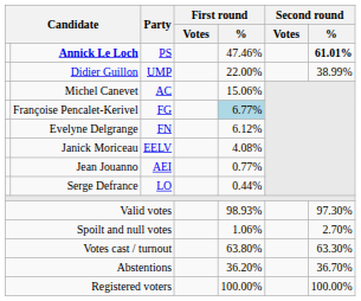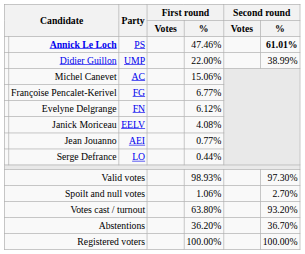 <table class="wikitable" style="text-align:right;font-size:95%;">
 <tr>
 <th rowspan=2 colspan=2>Candidate</th>
 <th rowspan=2 colspan=1>Party</th>
 <th colspan=2>First round</th>
 <th colspan=2>Second round</th>
 </tr>
 <tr>
 <th style="width:50px;">Votes</th>
 <th style="width:55px;">%</th>
 <th style="width:50px;">Votes</th>
 <th style="width:55px;">%</th>
 </tr>
 <tr>
 <td style="color:inherit;background-color:"></td>
 <td><strong><a href='#'>Annick Le Loch</a></strong></td>
 <td><a href='#'>PS</a></td>
 <td></td>
 <td>47.46%</td>
 <td><strong></strong></td>
 <td><strong>61.01%</strong></td>
 </tr>
 <tr>
 <td style="color:inherit;background-color:"></td>
 <td><a href='#'>Didier Guillon</a></td>
 <td><a href='#'>UMP</a></td>
 <td></td>
 <td>22.00%</td>
 <td></td>
 <td>38.99%</td>
 </tr>
 <tr>
 <td style="color:inherit;background-color:"></td>
 <td>Michel Canevet</td>
 <td><a href='#'>AC</a></td>
 <td></td>
 <td>15.06%</td>
 <td colspan=7 rowspan=6 style="background-color:#E9E9E9;"></td>
 </tr>
 <tr>
 <td style="color:inherit;background-color:"></td>
 <td>Françoise Pencalet-Kerivel</td>
 <td><a href='#'>FG</a></td>
 <td></td>
-<td style="background: lightblue;">6.77%</td>
+<td>6.77%</td>
 </tr>
 <tr>
 <td style="color:inherit;background-color:"></td>
 <td>Evelyne Delgrange</td>
 <td><a href='#'>FN</a></td>
 <td></td>
 <td>6.12%</td>
 </tr>
 <tr>
 <td style="color:inherit;background-color:"></td>
 <td>Janick Moriceau</td>
 <td><a href='#'>EELV</a></td>
 <td></td>
 <td>4.08%</td>
 </tr>
 <tr>
 <td style="color:inherit;background-color:"></td>
 <td>Jean Jouanno</td>
 <td><a href='#'>AEI</a></td>
 <td></td>
 <td>0.77%</td>
 </tr>
 <tr>
 <td style="color:inherit;background-color:"></td>
 <td>Serge Defrance</td>
 <td><a href='#'>LO</a></td>
 <td></td>
 <td>0.44%</td>
 </tr>
 <tr>
 <td colspan=7 style="background-color:#E9E9E9;"></td>
 </tr>
 <tr>
 <td colspan=3>Valid votes</td>
 <td></td>
 <td>98.93%</td>
 <td></td>
 <td>97.30%</td>
 </tr>
 <tr>
 <td colspan=3>Spoilt and null votes</td>
 <td></td>
 <td>1.06%</td>
 <td></td>
 <td>2.70%</td>
 </tr>
 <tr>
 <td colspan=3>Votes cast / turnout</td>
 <td></td>
 <td>63.80%</td>
 <td></td>
-<td>63.30%</td>
+<td>93.20%</td>
 </tr>
 <tr>
 <td colspan=3>Abstentions</td>
 <td></td>
 <td>36.20%</td>
 <td></td>
 <td>36.70%</td>
 </tr>
 <tr>
 <td colspan=3>Registered voters</td>
 <td></td>
 <td>100.00%</td>
 <td></td>
 <td>100.00%</td>
 </tr>
 </table>
